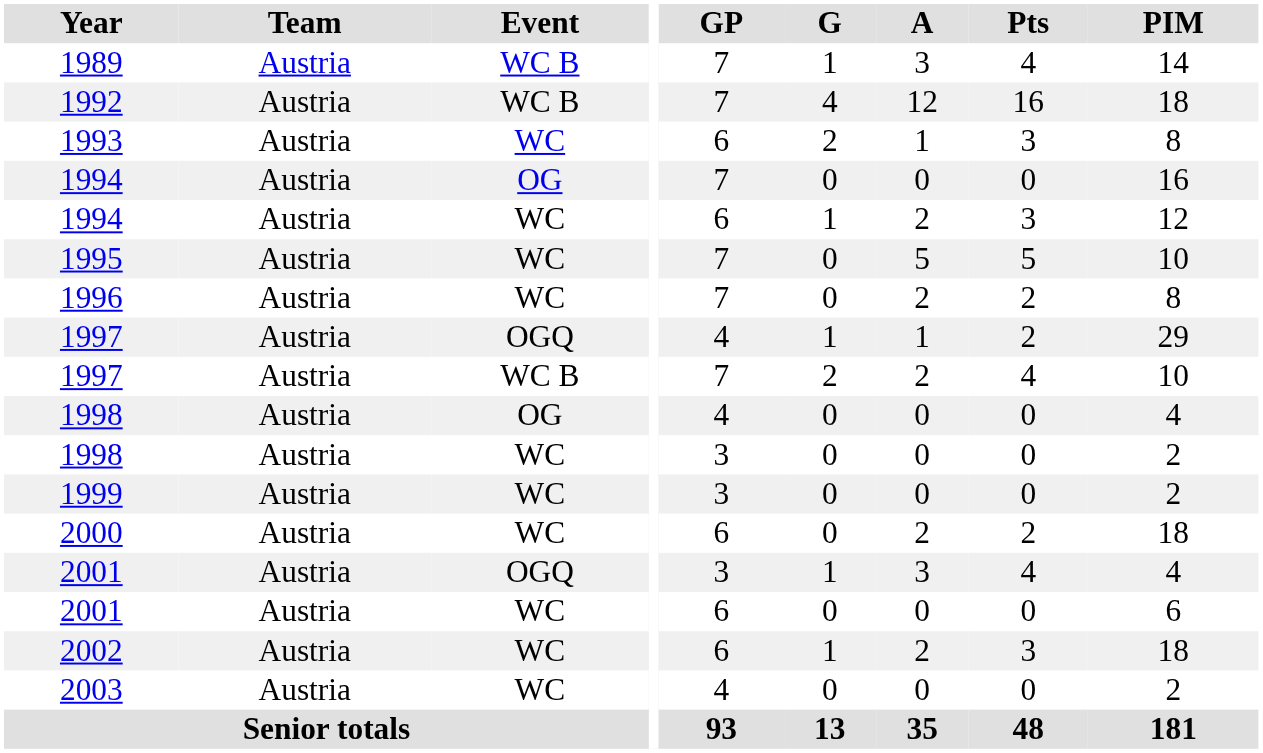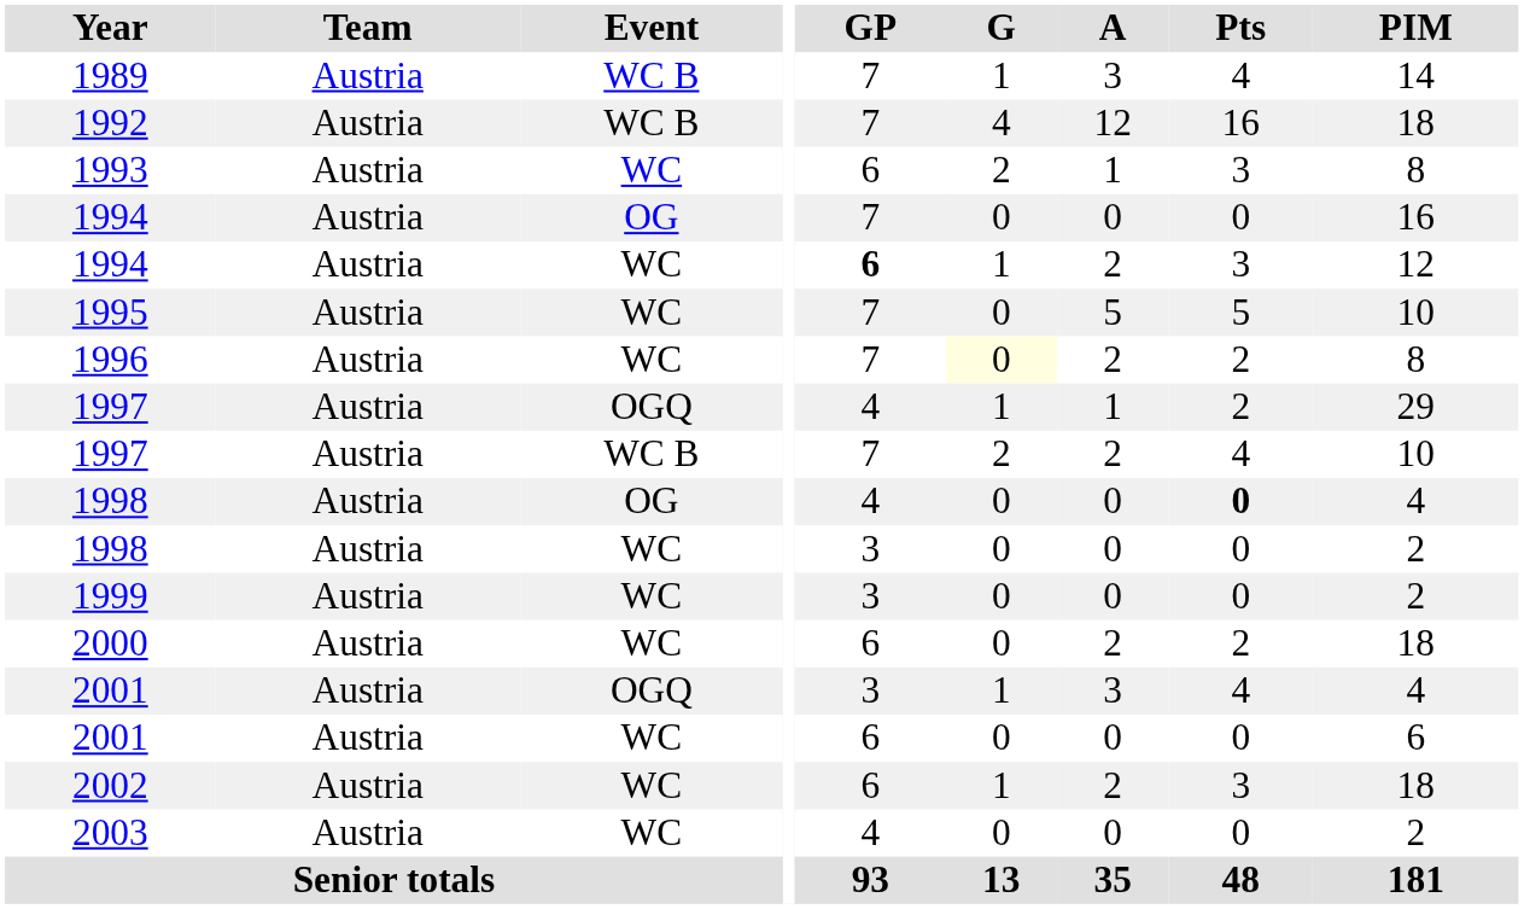 <table border="0" cellpadding="1" cellspacing="0" style="text-align:center; width:40em">
 <tr bgcolor="#e0e0e0">
 <th>Year</th>
 <th>Team</th>
 <th>Event</th>
 <th rowspan="99" bgcolor="#ffffff"></th>
 <th>GP</th>
 <th>G</th>
 <th>A</th>
 <th>Pts</th>
 <th>PIM</th>
 </tr>
 <tr>
 <td><a href='#'>1989</a></td>
 <td><a href='#'>Austria</a></td>
 <td><a href='#'>WC B</a></td>
 <td>7</td>
 <td>1</td>
 <td>3</td>
 <td>4</td>
 <td>14</td>
 </tr>
 <tr bgcolor="#f0f0f0">
 <td><a href='#'>1992</a></td>
 <td>Austria</td>
 <td>WC B</td>
 <td>7</td>
 <td>4</td>
 <td>12</td>
 <td>16</td>
 <td>18</td>
 </tr>
 <tr>
 <td><a href='#'>1993</a></td>
 <td>Austria</td>
 <td><a href='#'>WC</a></td>
 <td>6</td>
 <td>2</td>
 <td>1</td>
 <td>3</td>
 <td>8</td>
 </tr>
 <tr bgcolor="#f0f0f0">
 <td><a href='#'>1994</a></td>
 <td>Austria</td>
 <td><a href='#'>OG</a></td>
 <td>7</td>
 <td>0</td>
 <td>0</td>
 <td>0</td>
 <td>16</td>
 </tr>
 <tr>
 <td><a href='#'>1994</a></td>
 <td>Austria</td>
 <td>WC</td>
-<td>6</td>
+<td><strong>6</strong></td>
 <td>1</td>
 <td>2</td>
 <td>3</td>
 <td>12</td>
 </tr>
 <tr bgcolor="#f0f0f0">
 <td><a href='#'>1995</a></td>
 <td>Austria</td>
 <td>WC</td>
 <td>7</td>
 <td>0</td>
 <td>5</td>
 <td>5</td>
 <td>10</td>
 </tr>
 <tr>
 <td><a href='#'>1996</a></td>
 <td>Austria</td>
 <td>WC</td>
 <td>7</td>
-<td>0</td>
+<td style="background: lightyellow;">0</td>
 <td>2</td>
 <td>2</td>
 <td>8</td>
 </tr>
 <tr bgcolor="#f0f0f0">
 <td><a href='#'>1997</a></td>
 <td>Austria</td>
 <td>OGQ</td>
 <td>4</td>
 <td>1</td>
 <td>1</td>
 <td>2</td>
 <td>29</td>
 </tr>
 <tr>
 <td><a href='#'>1997</a></td>
 <td>Austria</td>
 <td>WC B</td>
 <td>7</td>
 <td>2</td>
 <td>2</td>
 <td>4</td>
 <td>10</td>
 </tr>
 <tr bgcolor="#f0f0f0">
 <td><a href='#'>1998</a></td>
 <td>Austria</td>
 <td>OG</td>
 <td>4</td>
 <td>0</td>
 <td>0</td>
-<td>0</td>
+<td><strong>0</strong></td>
 <td>4</td>
 </tr>
 <tr>
 <td><a href='#'>1998</a></td>
 <td>Austria</td>
 <td>WC</td>
 <td>3</td>
 <td>0</td>
 <td>0</td>
 <td>0</td>
 <td>2</td>
 </tr>
 <tr bgcolor="#f0f0f0">
 <td><a href='#'>1999</a></td>
 <td>Austria</td>
 <td>WC</td>
 <td>3</td>
 <td>0</td>
 <td>0</td>
 <td>0</td>
 <td>2</td>
 </tr>
 <tr>
 <td><a href='#'>2000</a></td>
 <td>Austria</td>
 <td>WC</td>
 <td>6</td>
 <td>0</td>
 <td>2</td>
 <td>2</td>
 <td>18</td>
 </tr>
 <tr bgcolor="#f0f0f0">
 <td><a href='#'>2001</a></td>
 <td>Austria</td>
 <td>OGQ</td>
 <td>3</td>
 <td>1</td>
 <td>3</td>
 <td>4</td>
 <td>4</td>
 </tr>
 <tr>
 <td><a href='#'>2001</a></td>
 <td>Austria</td>
 <td>WC</td>
 <td>6</td>
 <td>0</td>
 <td>0</td>
 <td>0</td>
 <td>6</td>
 </tr>
 <tr bgcolor="#f0f0f0">
 <td><a href='#'>2002</a></td>
 <td>Austria</td>
 <td>WC</td>
 <td>6</td>
 <td>1</td>
 <td>2</td>
 <td>3</td>
 <td>18</td>
 </tr>
 <tr>
 <td><a href='#'>2003</a></td>
 <td>Austria</td>
 <td>WC</td>
 <td>4</td>
 <td>0</td>
 <td>0</td>
 <td>0</td>
 <td>2</td>
 </tr>
 <tr bgcolor="#e0e0e0">
 <th colspan="3">Senior totals</th>
 <th>93</th>
 <th>13</th>
 <th>35</th>
 <th>48</th>
 <th>181</th>
 </tr>
 </table>
